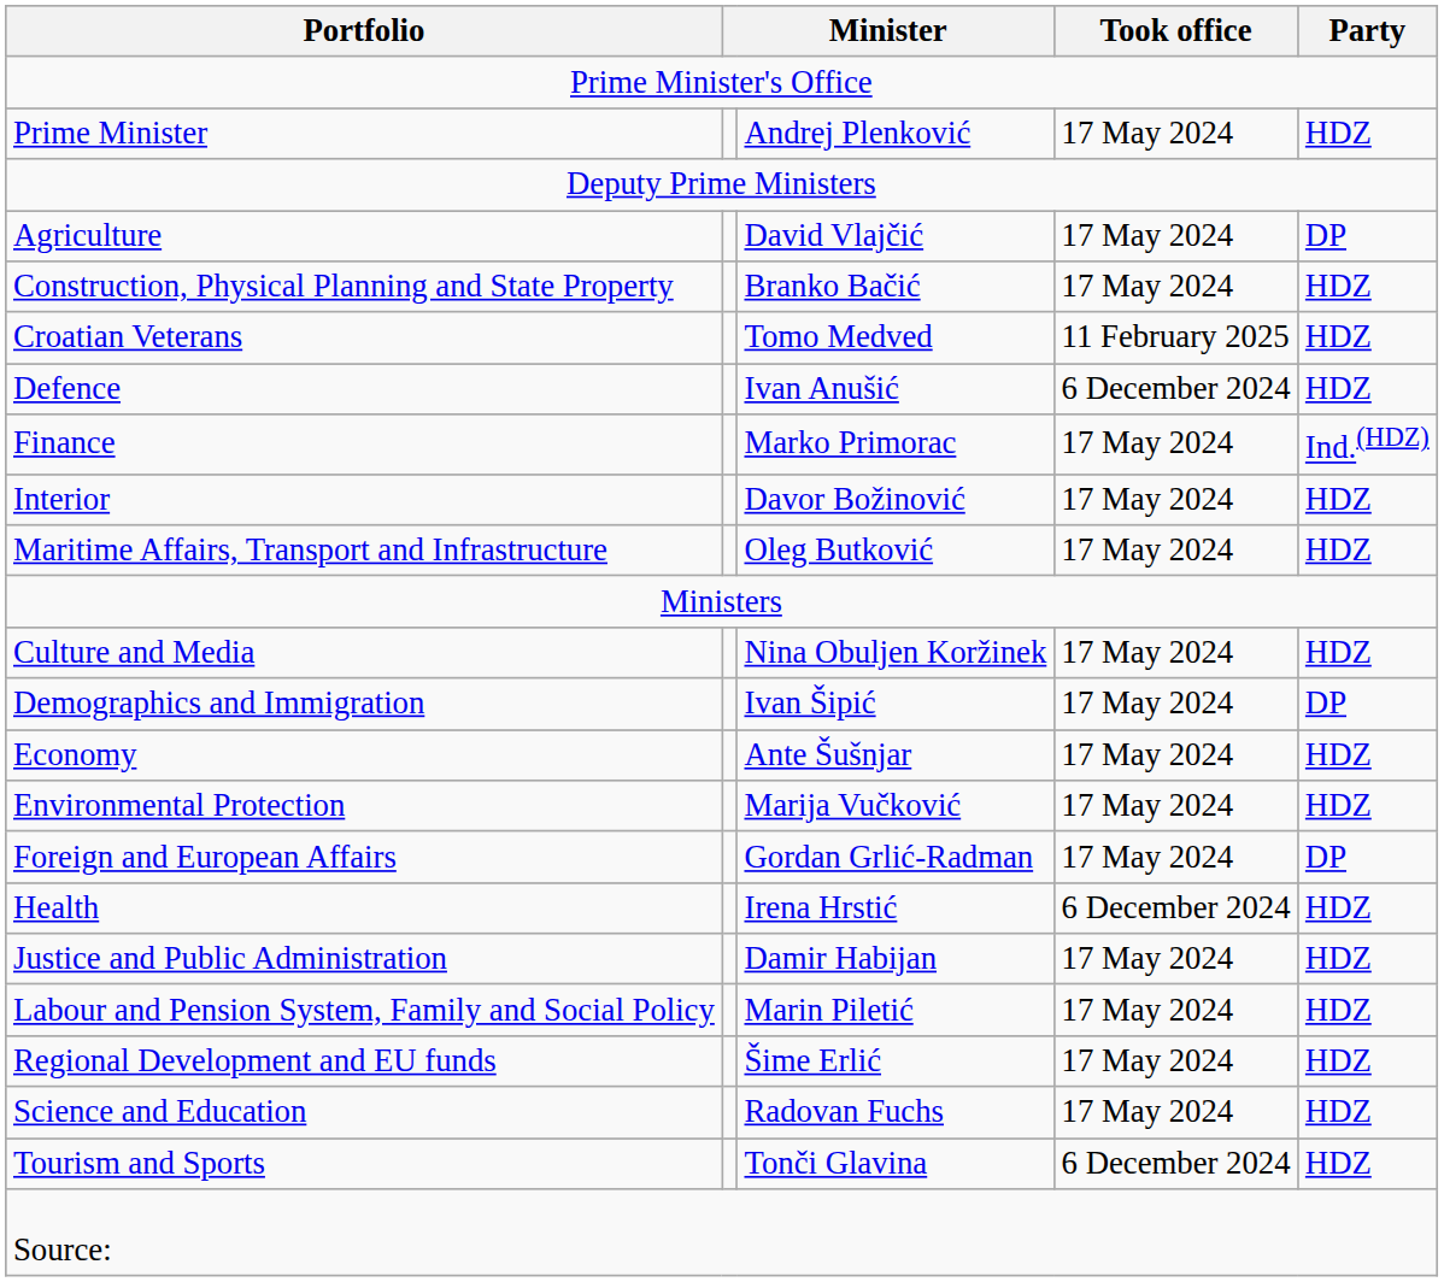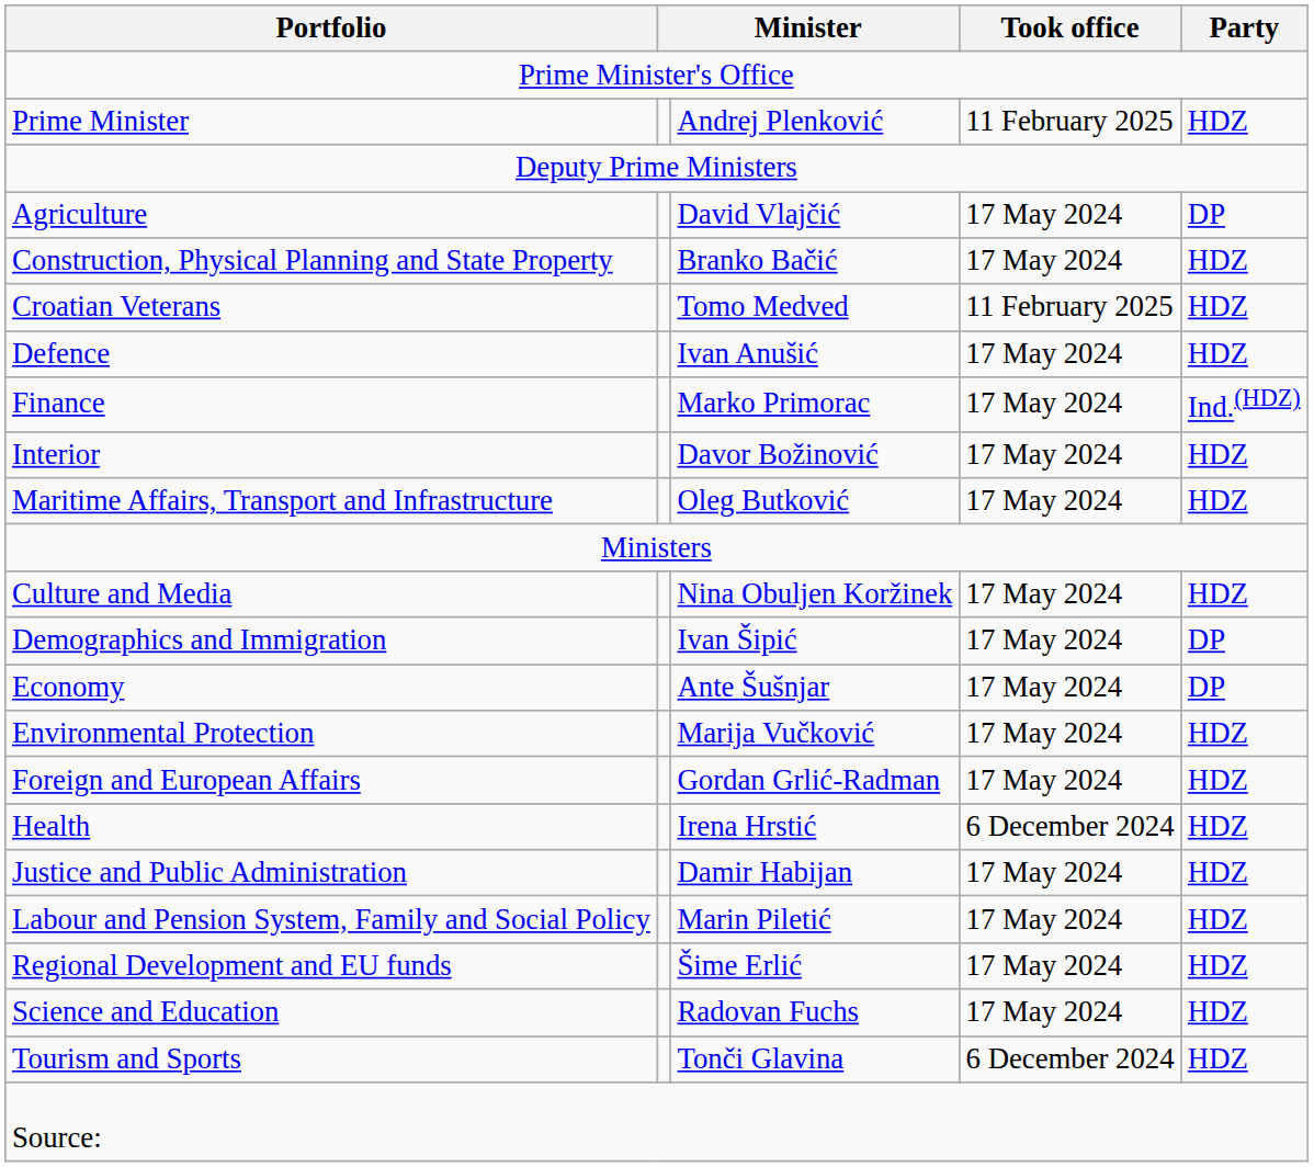 <table class="wikitable">
 <tr>
 <th style="text-align: center;">Portfolio</th>
 <th colspan="2" style="text-align: center;">Minister</th>
 <th style="text-align: center;">Took office</th>
 <th style="text-align: center;">Party</th>
 </tr>
 <tr>
 <td colspan="5" style="text-align: center;"><a href='#'>Prime Minister's Office</a></td>
 </tr>
 <tr>
 <td><a href='#'>Prime Minister</a></td>
 <td style="background:"></td>
 <td><a href='#'>Andrej Plenković</a></td>
-<td>17 May 2024</td>
+<td>11 February 2025</td>
 <td><a href='#'>HDZ</a></td>
 </tr>
 <tr>
 <td colspan="5" style="text-align: center;"><a href='#'>Deputy Prime Ministers</a></td>
 </tr>
 <tr>
 <td><a href='#'>Agriculture</a></td>
 <td style="background:"></td>
 <td><a href='#'>David Vlajčić</a></td>
 <td>17 May 2024</td>
 <td><a href='#'>DP</a></td>
 </tr>
 <tr>
 <td><a href='#'>Construction, Physical Planning and State Property</a></td>
 <td style="background:"></td>
 <td><a href='#'>Branko Bačić</a></td>
 <td>17 May 2024</td>
 <td><a href='#'>HDZ</a></td>
 </tr>
 <tr>
 <td><a href='#'>Croatian Veterans</a></td>
 <td style="background:"></td>
 <td><a href='#'>Tomo Medved</a></td>
 <td>11 February 2025</td>
 <td><a href='#'>HDZ</a></td>
 </tr>
 <tr>
 <td><a href='#'>Defence</a></td>
 <td style="background:"></td>
 <td><a href='#'>Ivan Anušić</a></td>
-<td>6 December 2024</td>
+<td>17 May 2024</td>
 <td><a href='#'>HDZ</a></td>
 </tr>
 <tr>
 <td><a href='#'>Finance</a></td>
 <td style="background:"></td>
 <td><a href='#'>Marko Primorac</a></td>
 <td>17 May 2024</td>
 <td><a href='#'>Ind.</a><sup><a href='#'>(HDZ)</a> </sup></td>
 </tr>
 <tr>
 <td><a href='#'>Interior</a></td>
 <td style="background:"></td>
 <td><a href='#'>Davor Božinović</a></td>
 <td>17 May 2024</td>
 <td><a href='#'>HDZ</a></td>
 </tr>
 <tr>
 <td><a href='#'>Maritime Affairs, Transport and Infrastructure</a></td>
 <td style="background:"></td>
 <td><a href='#'>Oleg Butković</a></td>
 <td>17 May 2024</td>
 <td><a href='#'>HDZ</a></td>
 </tr>
 <tr>
 <td colspan="6" style="text-align: center;"><a href='#'>Ministers</a></td>
 </tr>
 <tr>
 <td><a href='#'>Culture and Media</a></td>
 <td style="background:"></td>
 <td><a href='#'>Nina Obuljen Koržinek</a></td>
 <td>17 May 2024</td>
 <td><a href='#'>HDZ</a></td>
 </tr>
 <tr>
 <td><a href='#'>Demographics and Immigration</a></td>
 <td style="background:"></td>
 <td><a href='#'>Ivan Šipić</a></td>
 <td>17 May 2024</td>
 <td><a href='#'>DP</a></td>
 </tr>
 <tr>
 <td><a href='#'>Economy</a></td>
 <td style="background:"></td>
 <td><a href='#'>Ante Šušnjar</a></td>
 <td>17 May 2024</td>
-<td><a href='#'>HDZ</a></td>
+<td><a href='#'>DP</a></td>
 </tr>
 <tr>
 <td><a href='#'>Environmental Protection</a></td>
 <td style="background:"></td>
 <td><a href='#'>Marija Vučković</a></td>
 <td>17 May 2024</td>
 <td><a href='#'>HDZ</a></td>
 </tr>
 <tr>
 <td><a href='#'>Foreign and European Affairs</a></td>
 <td style="background:"></td>
 <td><a href='#'>Gordan Grlić-Radman</a></td>
 <td>17 May 2024</td>
-<td><a href='#'>DP</a></td>
+<td><a href='#'>HDZ</a></td>
 </tr>
 <tr>
 <td><a href='#'>Health</a></td>
 <td style="background:"></td>
 <td><a href='#'>Irena Hrstić</a></td>
 <td>6 December 2024</td>
 <td><a href='#'>HDZ</a></td>
 </tr>
 <tr>
 <td><a href='#'>Justice and Public Administration</a></td>
 <td style="background:"></td>
 <td><a href='#'>Damir Habijan</a></td>
 <td>17 May 2024</td>
 <td><a href='#'>HDZ</a></td>
 </tr>
 <tr>
 <td><a href='#'>Labour and Pension System, Family and Social Policy</a></td>
 <td style="background:"></td>
 <td><a href='#'>Marin Piletić</a></td>
 <td>17 May 2024</td>
 <td><a href='#'>HDZ</a></td>
 </tr>
 <tr>
 <td><a href='#'>Regional Development and EU funds</a></td>
 <td style="background:"></td>
 <td><a href='#'>Šime Erlić</a></td>
 <td>17 May 2024</td>
 <td><a href='#'>HDZ</a></td>
 </tr>
 <tr>
 <td><a href='#'>Science and Education</a></td>
 <td style="background:"></td>
 <td><a href='#'>Radovan Fuchs</a></td>
 <td>17 May 2024</td>
 <td><a href='#'>HDZ</a></td>
 </tr>
 <tr>
 <td><a href='#'>Tourism and Sports</a></td>
 <td style="background:"></td>
 <td><a href='#'>Tonči Glavina</a></td>
 <td>6 December 2024</td>
 <td><a href='#'>HDZ</a></td>
 </tr>
 <tr>
 <td colspan="11" align="left"><br>Source:</td>
 </tr>
 </table>
